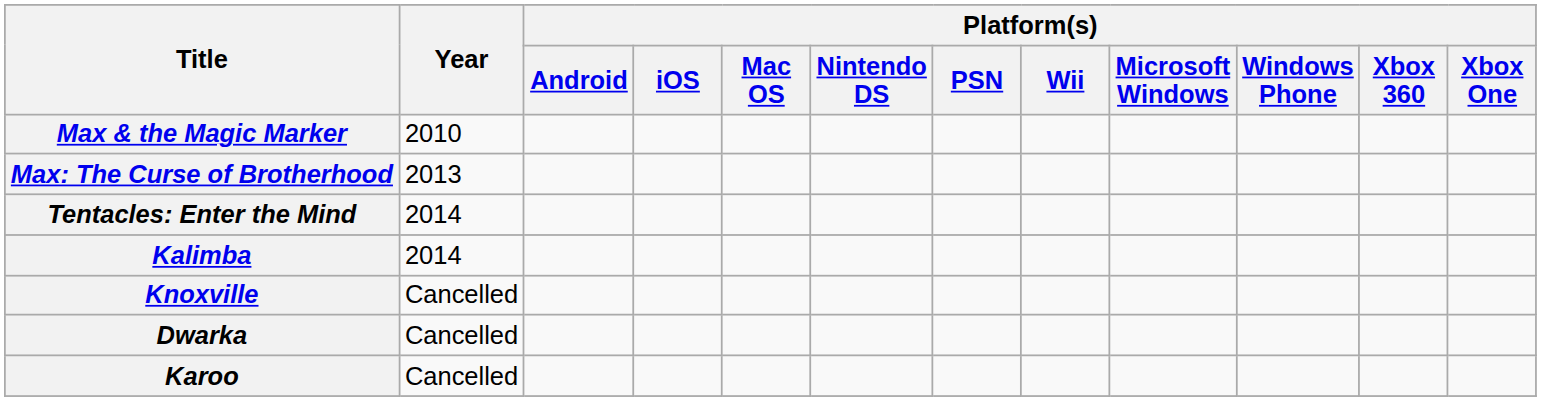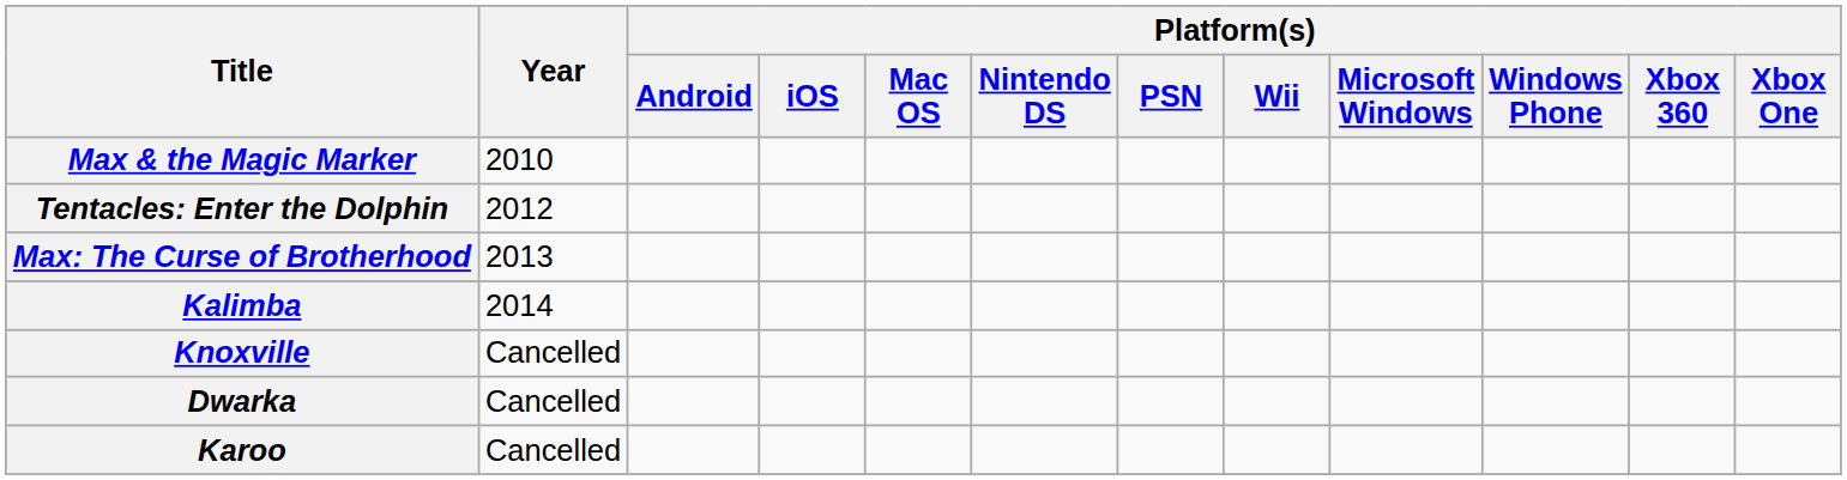 <table class="wikitable plainrowheaders" style="font-size:90%" ">
 <tr>
 <th scope="col" rowspan="2">Title</th>
 <th scope="col" rowspan="2">Year</th>
 <th scope="col" colspan="10">Platform(s)</th>
 </tr>
 <tr>
 <th scope="col" style="width:3em;"><a href='#'>Android</a></th>
 <th scope="col" style="width:3em;"><a href='#'>iOS</a></th>
 <th scope="col" style="width:3em;"><a href='#'>Mac OS</a></th>
 <th scope="col" style="width:3em;"><a href='#'>Nintendo DS</a></th>
 <th scope="col" style="width:3em;"><a href='#'>PSN</a></th>
 <th scope="col" style="width:3em;"><a href='#'>Wii</a></th>
 <th scope="col" style="width:3em;"><a href='#'>Microsoft Windows</a></th>
 <th scope="col" style="width:3em;"><a href='#'>Windows Phone</a></th>
 <th scope="col" style="width:3em;"><a href='#'>Xbox 360</a></th>
 <th scope="col" style="width:3em;"><a href='#'>Xbox One</a></th>
 </tr>
 <tr>
 <th scope="row"><em><a href='#'>Max & the Magic Marker</a></em></th>
 <td>2010</td>
 <td></td>
 <td></td>
 <td></td>
 <td></td>
 <td></td>
 <td></td>
 <td></td>
 <td></td>
 <td></td>
 <td></td>
 </tr>
 <tr>
-<th scope="row"><em><a href='#'>Max: The Curse of Brotherhood</a></em></th>
-<td>2013</td>
+<th scope="row"><em>Tentacles: Enter the Dolphin</em></th>
+<td>2012</td>
 <td></td>
 <td></td>
 <td></td>
 <td></td>
 <td></td>
 <td></td>
 <td></td>
 <td></td>
 <td></td>
 <td></td>
 </tr>
 <tr>
-<th scope="row"><em>Tentacles: Enter the Mind</em></th>
-<td>2014</td>
+<th scope="row"><em><a href='#'>Max: The Curse of Brotherhood</a></em></th>
+<td>2013</td>
 <td></td>
 <td></td>
 <td></td>
 <td></td>
 <td></td>
 <td></td>
 <td></td>
 <td></td>
 <td></td>
 <td></td>
 </tr>
 <tr>
 <th scope="row"><em><a href='#'>Kalimba</a></em></th>
 <td>2014</td>
 <td></td>
 <td></td>
 <td></td>
 <td></td>
 <td></td>
 <td></td>
 <td></td>
 <td></td>
 <td></td>
 <td></td>
 </tr>
 <tr>
 <th scope="row"><em><a href='#'>Knoxville</a></em></th>
 <td>Cancelled</td>
 <td></td>
 <td></td>
 <td></td>
 <td></td>
 <td></td>
 <td></td>
 <td></td>
 <td></td>
 <td></td>
 <td></td>
 </tr>
 <tr>
 <th scope="row"><em>Dwarka</em></th>
 <td>Cancelled</td>
 <td></td>
 <td></td>
 <td></td>
 <td></td>
 <td></td>
 <td></td>
 <td></td>
 <td></td>
 <td></td>
 <td></td>
 </tr>
 <tr>
 <th scope="row"><em>Karoo</em></th>
 <td>Cancelled</td>
 <td></td>
 <td></td>
 <td></td>
 <td></td>
 <td></td>
 <td></td>
 <td></td>
 <td></td>
 <td></td>
 <td></td>
 </tr>
 </table>
